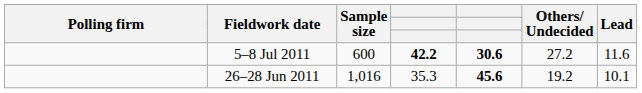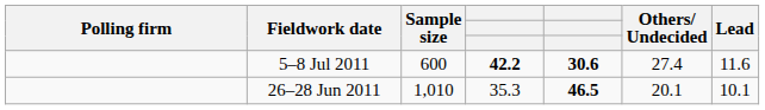 <table class="wikitable collapsible" style="text-align:center; font-size:95%; line-height:16px;">
 <tr>
 <th rowspan="3" style="width:200px;">Polling firm</th>
 <th rowspan="3" style="width:125px;">Fieldwork date</th>
 <th rowspan="3" style="width:40px;">Sample size</th>
 <th class="unsortable" style="width:60px;"></th>
 <th class="unsortable" style="width:60px;"></th>
 <th rowspan="3" style="width:60px;">Others/<br>Undecided</th>
 <th rowspan="3" style="width:30px;">Lead</th>
 </tr>
 <tr>
 <th style="color:inherit;background:"></th>
 <th style="color:inherit;background:"></th>
 </tr>
 <tr>
 <th></th>
 <th></th>
 </tr>
 <tr>
 <td></td>
 <td>5–8 Jul 2011</td>
 <td>600</td>
 <td><strong>42.2</strong></td>
 <td><strong>30.6</strong></td>
-<td>27.2</td>
+<td>27.4</td>
 <td style="background:">11.6</td>
 </tr>
 <tr>
 <td></td>
 <td>26–28 Jun 2011</td>
-<td>1,016</td>
+<td>1,010</td>
 <td>35.3</td>
-<td><strong>45.6</strong></td>
-<td>19.2</td>
+<td><strong>46.5</strong></td>
+<td>20.1</td>
 <td style="background:">10.1</td>
 </tr>
 </table>
